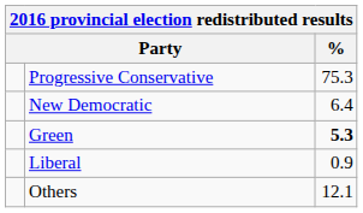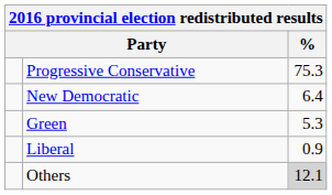 <table class="wikitable">
 <tr>
 <th colspan="4"><a href='#'>2016 provincial election</a> redistributed results</th>
 </tr>
 <tr>
 <th bgcolor="#DDDDFF" width="130px" colspan="2">Party</th>
 <th bgcolor="#DDDDFF" width="30px">%</th>
 </tr>
 <tr>
 <td> </td>
 <td><a href='#'>Progressive Conservative</a></td>
 <td align=right>75.3</td>
 </tr>
 <tr>
 <td> </td>
 <td><a href='#'>New Democratic</a></td>
 <td align=right>6.4</td>
 </tr>
 <tr>
 <td> </td>
 <td><a href='#'>Green</a></td>
-<td align=right><strong>5.3</strong></td>
+<td align=right>5.3</td>
 </tr>
 <tr>
 <td> </td>
 <td><a href='#'>Liberal</a></td>
 <td align=right>0.9</td>
 </tr>
 <tr>
 <td> </td>
 <td>Others</td>
-<td align=right>12.1</td>
+<td align=right style="background: lightgrey;">12.1</td>
 </tr>
 </table>
